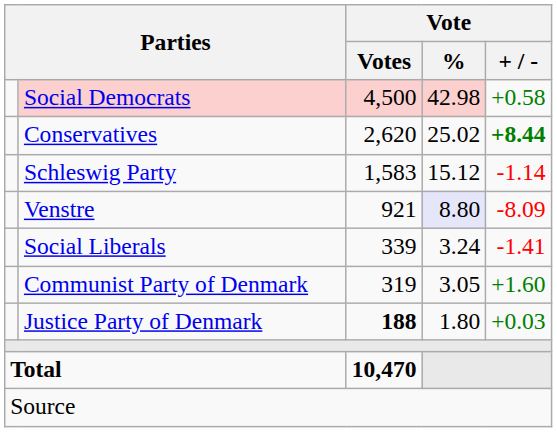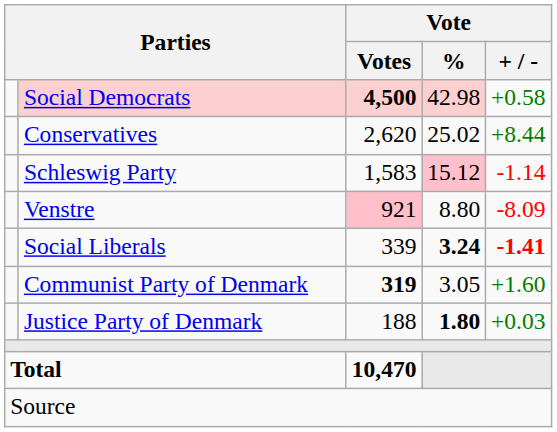 <table class="wikitable" style="text-align:right;">
 <tr>
 <th style="text-align:centre;" rowspan="2" colspan="2" width="225">Parties</th>
 <th colspan="3">Vote</th>
 </tr>
 <tr>
 <th width="15">Votes</th>
 <th width="15">%</th>
 <th width="15">+ / -</th>
 </tr>
 <tr>
 <td width="2" style="color:inherit;background:"></td>
 <td bgcolor=#fbd0ce  align="left"><a href='#'>Social Democrats</a></td>
-<td bgcolor=#fbd0ce>4,500</td>
+<td bgcolor=#fbd0ce><strong>4,500</strong></td>
 <td bgcolor=#fbd0ce>42.98</td>
 <td style=color:green;>+0.58</td>
 </tr>
 <tr>
 <td width="2" style="color:inherit;background:"></td>
 <td align="left"><a href='#'>Conservatives</a></td>
 <td>2,620</td>
 <td>25.02</td>
-<td style=color:green;><strong>+8.44</strong></td>
+<td style=color:green;>+8.44</td>
 </tr>
 <tr>
 <td width="2" style="color:inherit;background:"></td>
 <td align="left"><a href='#'>Schleswig Party</a></td>
 <td>1,583</td>
-<td>15.12</td>
+<td style="background: pink;">15.12</td>
 <td style=color:red;>-1.14</td>
 </tr>
 <tr>
 <td width="2" style="color:inherit;background:"></td>
 <td align="left"><a href='#'>Venstre</a></td>
-<td>921</td>
-<td style="background: lavender;">8.80</td>
+<td style="background: pink;">921</td>
+<td>8.80</td>
 <td style=color:red;>-8.09</td>
 </tr>
 <tr>
 <td width="2" style="color:inherit;background:"></td>
 <td align="left"><a href='#'>Social Liberals</a></td>
 <td>339</td>
-<td>3.24</td>
-<td style=color:red;>-1.41</td>
+<td><strong>3.24</strong></td>
+<td style=color:red;><strong>-1.41</strong></td>
 </tr>
 <tr>
 <td width="2" style="color:inherit;background:"></td>
 <td align="left"><a href='#'>Communist Party of Denmark</a></td>
-<td>319</td>
+<td><strong>319</strong></td>
 <td>3.05</td>
 <td style=color:green;>+1.60</td>
 </tr>
 <tr>
 <td width="2" style="color:inherit;background:"></td>
 <td align="left"><a href='#'>Justice Party of Denmark</a></td>
-<td><strong>188</strong></td>
-<td>1.80</td>
+<td>188</td>
+<td><strong>1.80</strong></td>
 <td style=color:green;>+0.03</td>
 </tr>
 <tr>
 <td colspan="7" bgcolor="#E9E9E9"></td>
 </tr>
 <tr>
 <td align="left" colspan="2"><strong>Total</strong></td>
 <td><strong>10,470</strong></td>
 <td bgcolor="#E9E9E9" colspan="2"></td>
 </tr>
 <tr>
 <td align="left" colspan="6">Source</td>
 </tr>
 </table>
